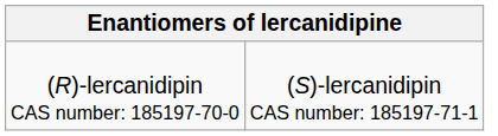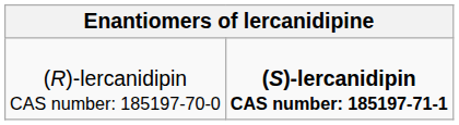 <table class="wikitable" style="text-align:center">
 <tr class="hintergrundfarbe6">
 <th colspan="2">Enantiomers of lercanidipine</th>
 </tr>
 <tr>
 <td><br>(<em>R</em>)-lercanidipin<small><br>CAS number: 185197-70-0</small></td>
-<td><br>(<em>S</em>)-lercanidipin<small><br>CAS number: 185197-71-1</small></td>
+<td><strong><br>(<em>S</em>)-lercanidipin<small><br>CAS number: 185197-71-1</small></strong></td>
 </tr>
 </table>
